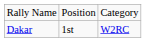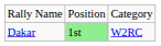 <table class="wikitable">
 <tr>
 <td>Rally Name</td>
 <td>Position</td>
 <td>Category</td>
 </tr>
 <tr>
 <td><a href='#'>Dakar</a> </td>
-<td>1st</td>
+<td style="background: lightgreen;">1st</td>
 <td><a href='#'>W2RC</a></td>
 </tr>
 </table>
